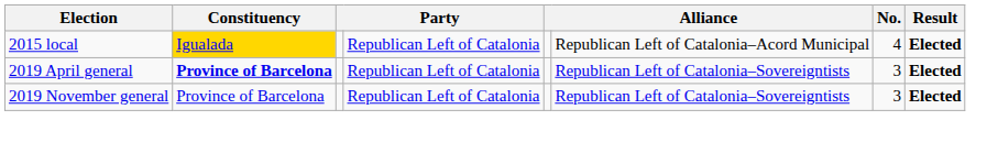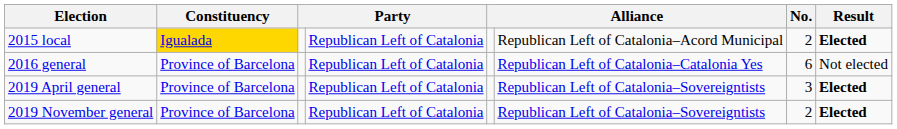 <table class="wikitable" style="text-align:left;">
 <tr>
 <th scope=col>Election</th>
 <th scope=col>Constituency</th>
 <th scope=col colspan="2">Party</th>
 <th scope=col colspan="2">Alliance</th>
 <th scope=col>No.</th>
 <th scope=col>Result</th>
 </tr>
 <tr>
 <td><a href='#'>2015 local</a></td>
 <td style="background: gold;"><a href='#'>Igualada</a></td>
 <td style="background:"></td>
 <td><a href='#'>Republican Left of Catalonia</a></td>
 <td></td>
 <td>Republican Left of Catalonia–Acord Municipal</td>
-<td align=right>4</td>
+<td align=right>2</td>
 <td><strong>Elected</strong></td>
 </tr>
 <tr>
+<td><a href='#'>2016 general</a></td>
+<td><a href='#'>Province of Barcelona</a></td>
+<td style="background:"></td>
+<td><a href='#'>Republican Left of Catalonia</a></td>
+<td style="background:"></td>
+<td><a href='#'>Republican Left of Catalonia–Catalonia Yes</a></td>
+<td align=right>6</td>
+<td>Not elected</td>
+</tr>
+<tr>
 <td><a href='#'>2019 April general</a></td>
-<td><strong><a href='#'>Province of Barcelona</a></strong></td>
+<td><a href='#'>Province of Barcelona</a></td>
 <td style="background:"></td>
 <td><a href='#'>Republican Left of Catalonia</a></td>
 <td style="background:"></td>
 <td><a href='#'>Republican Left of Catalonia–Sovereigntists</a></td>
 <td align=right>3</td>
 <td><strong>Elected</strong></td>
 </tr>
 <tr>
 <td><a href='#'>2019 November general</a></td>
 <td><a href='#'>Province of Barcelona</a></td>
 <td style="background:"></td>
 <td><a href='#'>Republican Left of Catalonia</a></td>
 <td style="background:"></td>
 <td><a href='#'>Republican Left of Catalonia–Sovereigntists</a></td>
-<td align=right>3</td>
+<td align=right>2</td>
 <td><strong>Elected</strong></td>
 </tr>
 </table>
